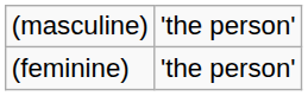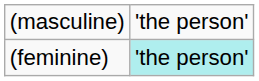 <table class="wikitable">
 <tr>
 <td> (masculine)</td>
 <td>'the person'</td>
 </tr>
 <tr>
 <td> (feminine)</td>
-<td>'the person'</td>
+<td style="background: paleturquoise;">'the person'</td>
 </tr>
 </table>
